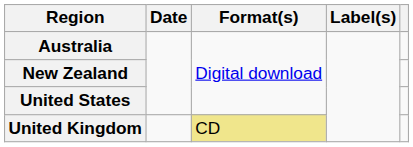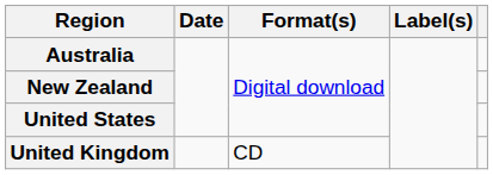 <table class="wikitable plainrowheaders" style="text-align:left">
 <tr>
 <th scope="col">Region</th>
 <th scope="col">Date</th>
 <th scope="col">Format(s)</th>
 <th scope="col">Label(s)</th>
 <th scope="col"></th>
 </tr>
 <tr>
 <th scope="row">Australia</th>
 <td rowspan="3"></td>
 <td rowspan="3"><a href='#'>Digital download</a></td>
 <td rowspan="4"></td>
 <td></td>
 </tr>
 <tr>
 <th scope="row">New Zealand</th>
 <td></td>
 </tr>
 <tr>
 <th scope="row">United States</th>
 <td></td>
 </tr>
 <tr>
 <th scope="row">United Kingdom</th>
 <td></td>
-<td style="background: khaki;">CD</td>
+<td>CD</td>
 <td></td>
 </tr>
 </table>
